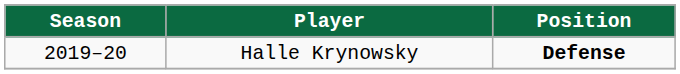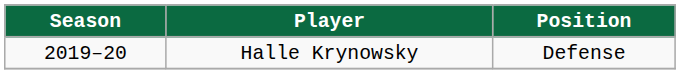 <table class="wikitable" width="50%">
 <tr align="center"  style="background:#0B6A41;color:#FFFFFF;">
 <td><strong>Season</strong></td>
 <td><strong>Player</strong></td>
 <td><strong>Position</strong></td>
 </tr>
 <tr align="center" bgcolor="">
 <td>2019–20</td>
 <td>Halle Krynowsky</td>
-<td><strong>Defense</strong></td>
+<td>Defense</td>
 </tr>
 <tr align="center" bgcolor="">
 </tr>
 </table>
